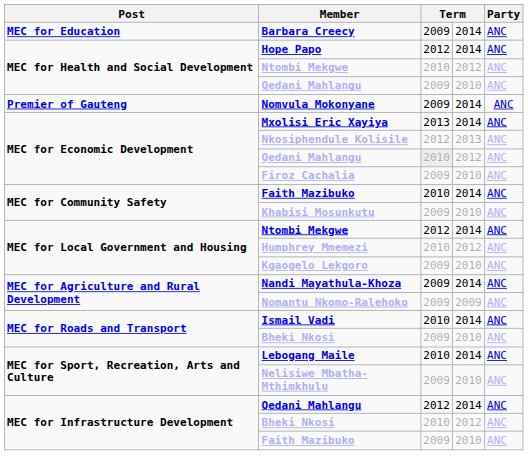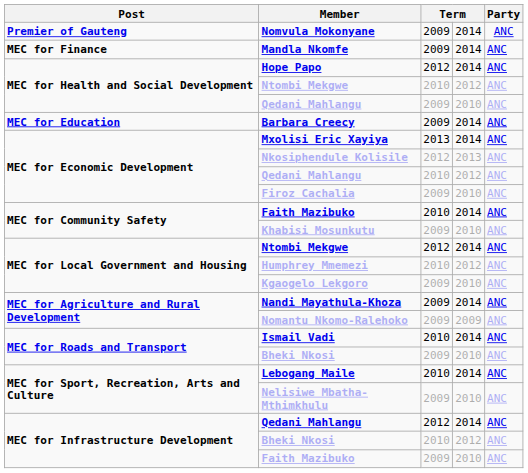 <table class="wikitable collapsible">
 <tr>
 <th>Post</th>
 <th>Member</th>
 <th colspan="2">Term</th>
 <th>Party</th>
 </tr>
 <tr>
-<td><a href='#'><strong>MEC for Education</strong></a></td>
-<td><strong><a href='#'>Barbara Creecy</a></strong></td>
+<td><strong><a href='#'>Premier of Gauteng</a></strong></td>
+<td><strong><a href='#'>Nomvula Mokonyane</a></strong></td>
+<td>2009</td>
+<td>2014</td>
+<td align="center"><a href='#'>ANC</a></td>
+</tr>
+<tr>
+<td><strong>MEC for Finance</strong></td>
+<td><strong><a href='#'>Mandla Nkomfe</a></strong></td>
 <td>2009</td>
 <td>2014</td>
 <td><a href='#'>ANC</a></td>
 </tr>
 <tr>
 <td rowspan="3"><strong>MEC for Health and Social Development</strong></td>
 <td><strong><a href='#'>Hope Papo</a></strong></td>
 <td>2012</td>
 <td>2014</td>
 <td><a href='#'>ANC</a></td>
 </tr>
 <tr style="opacity:.3;">
 <td><a href='#'><strong>Ntombi Mekgwe</strong></a></td>
 <td>2010</td>
 <td>2012</td>
 <td><a href='#'>ANC</a></td>
 </tr>
 <tr style="opacity:.3;">
 <td><strong><a href='#'>Qedani Mahlangu</a></strong></td>
 <td>2009</td>
 <td>2010</td>
 <td><a href='#'>ANC</a></td>
 </tr>
 <tr>
-<td><strong><a href='#'>Premier of Gauteng</a></strong></td>
-<td><strong><a href='#'>Nomvula Mokonyane</a></strong></td>
+<td><a href='#'><strong>MEC for Education</strong></a></td>
+<td><strong><a href='#'>Barbara Creecy</a></strong></td>
 <td>2009</td>
 <td>2014</td>
-<td align="center"><a href='#'>ANC</a></td>
+<td><a href='#'>ANC</a></td>
 </tr>
 <tr>
 <td rowspan="4"><strong>MEC for Economic Development</strong></td>
 <td><strong><a href='#'>Mxolisi Eric Xayiya</a></strong></td>
 <td>2013</td>
 <td>2014</td>
 <td><a href='#'>ANC</a></td>
 </tr>
 <tr style="opacity:.3;">
 <td><strong><a href='#'>Nkosiphendule Kolisile</a></strong></td>
 <td>2012</td>
 <td>2013</td>
 <td><a href='#'>ANC</a></td>
 </tr>
 <tr style="opacity:.3;">
 <td><strong><a href='#'>Qedani Mahlangu</a></strong></td>
-<td style="background: lightgrey;">2010</td>
+<td>2010</td>
 <td>2012</td>
 <td><a href='#'>ANC</a></td>
 </tr>
 <tr style="opacity:.3;">
 <td><strong><a href='#'>Firoz Cachalia</a></strong></td>
 <td>2009</td>
 <td>2010</td>
 <td><a href='#'>ANC</a></td>
 </tr>
 <tr>
 <td rowspan="2"><strong>MEC for Community Safety</strong></td>
 <td><strong><a href='#'>Faith Mazibuko</a></strong></td>
 <td>2010</td>
 <td>2014</td>
 <td><a href='#'>ANC</a></td>
 </tr>
 <tr style="opacity:.3;">
 <td><strong><a href='#'>Khabisi Mosunkutu</a></strong></td>
 <td>2009</td>
 <td>2010</td>
 <td><a href='#'>ANC</a></td>
 </tr>
 <tr>
 <td rowspan="3"><strong>MEC for Local Government and Housing</strong></td>
 <td><a href='#'><strong>Ntombi Mekgwe</strong></a></td>
 <td>2012</td>
 <td>2014</td>
 <td><a href='#'>ANC</a></td>
 </tr>
 <tr style="opacity:.3;">
 <td><strong><a href='#'>Humphrey Mmemezi</a></strong></td>
 <td>2010</td>
 <td>2012</td>
 <td><a href='#'>ANC</a></td>
 </tr>
 <tr style="opacity:.3;">
 <td><strong><a href='#'>Kgaogelo Lekgoro</a></strong></td>
 <td>2009</td>
 <td>2010</td>
 <td><a href='#'>ANC</a></td>
 </tr>
 <tr>
 <td rowspan="2"><strong><a href='#'>MEC for Agriculture and Rural Development</a></strong></td>
 <td><strong><a href='#'>Nandi Mayathula-Khoza</a></strong></td>
 <td>2009</td>
 <td>2014</td>
 <td><a href='#'>ANC</a></td>
 </tr>
 <tr style="opacity:.3;">
 <td><strong><a href='#'>Nomantu Nkomo-Ralehoko</a></strong></td>
 <td>2009</td>
 <td>2009</td>
 <td><a href='#'>ANC</a></td>
 </tr>
 <tr>
 <td rowspan="2"><strong><a href='#'>MEC for Roads and Transport</a></strong></td>
 <td><strong><a href='#'>Ismail Vadi</a></strong></td>
 <td>2010</td>
 <td>2014</td>
 <td><a href='#'>ANC</a></td>
 </tr>
 <tr style="opacity:.3;">
 <td><strong><a href='#'>Bheki Nkosi</a></strong></td>
 <td>2009</td>
 <td>2010</td>
 <td><a href='#'>ANC</a></td>
 </tr>
 <tr>
 <td rowspan="2"><strong>MEC for Sport, Recreation, Arts and Culture</strong></td>
 <td><strong><a href='#'>Lebogang Maile</a></strong></td>
 <td>2010</td>
 <td>2014</td>
 <td><a href='#'>ANC</a></td>
 </tr>
 <tr style="opacity:.3;">
 <td><strong><a href='#'>Nelisiwe Mbatha-Mthimkhulu</a></strong></td>
 <td>2009</td>
 <td>2010</td>
 <td><a href='#'>ANC</a></td>
 </tr>
 <tr>
 <td rowspan="3"><strong>MEC for Infrastructure Development</strong></td>
 <td><strong><a href='#'>Qedani Mahlangu</a></strong></td>
 <td>2012</td>
 <td>2014</td>
 <td><a href='#'>ANC</a></td>
 </tr>
 <tr style="opacity:.3;">
 <td><strong><a href='#'>Bheki Nkosi</a></strong></td>
 <td>2010</td>
 <td>2012</td>
 <td><a href='#'>ANC</a></td>
 </tr>
 <tr style="opacity:.3;">
 <td><strong><a href='#'>Faith Mazibuko</a></strong></td>
 <td>2009</td>
 <td>2010</td>
 <td><a href='#'>ANC</a></td>
 </tr>
 </table>
